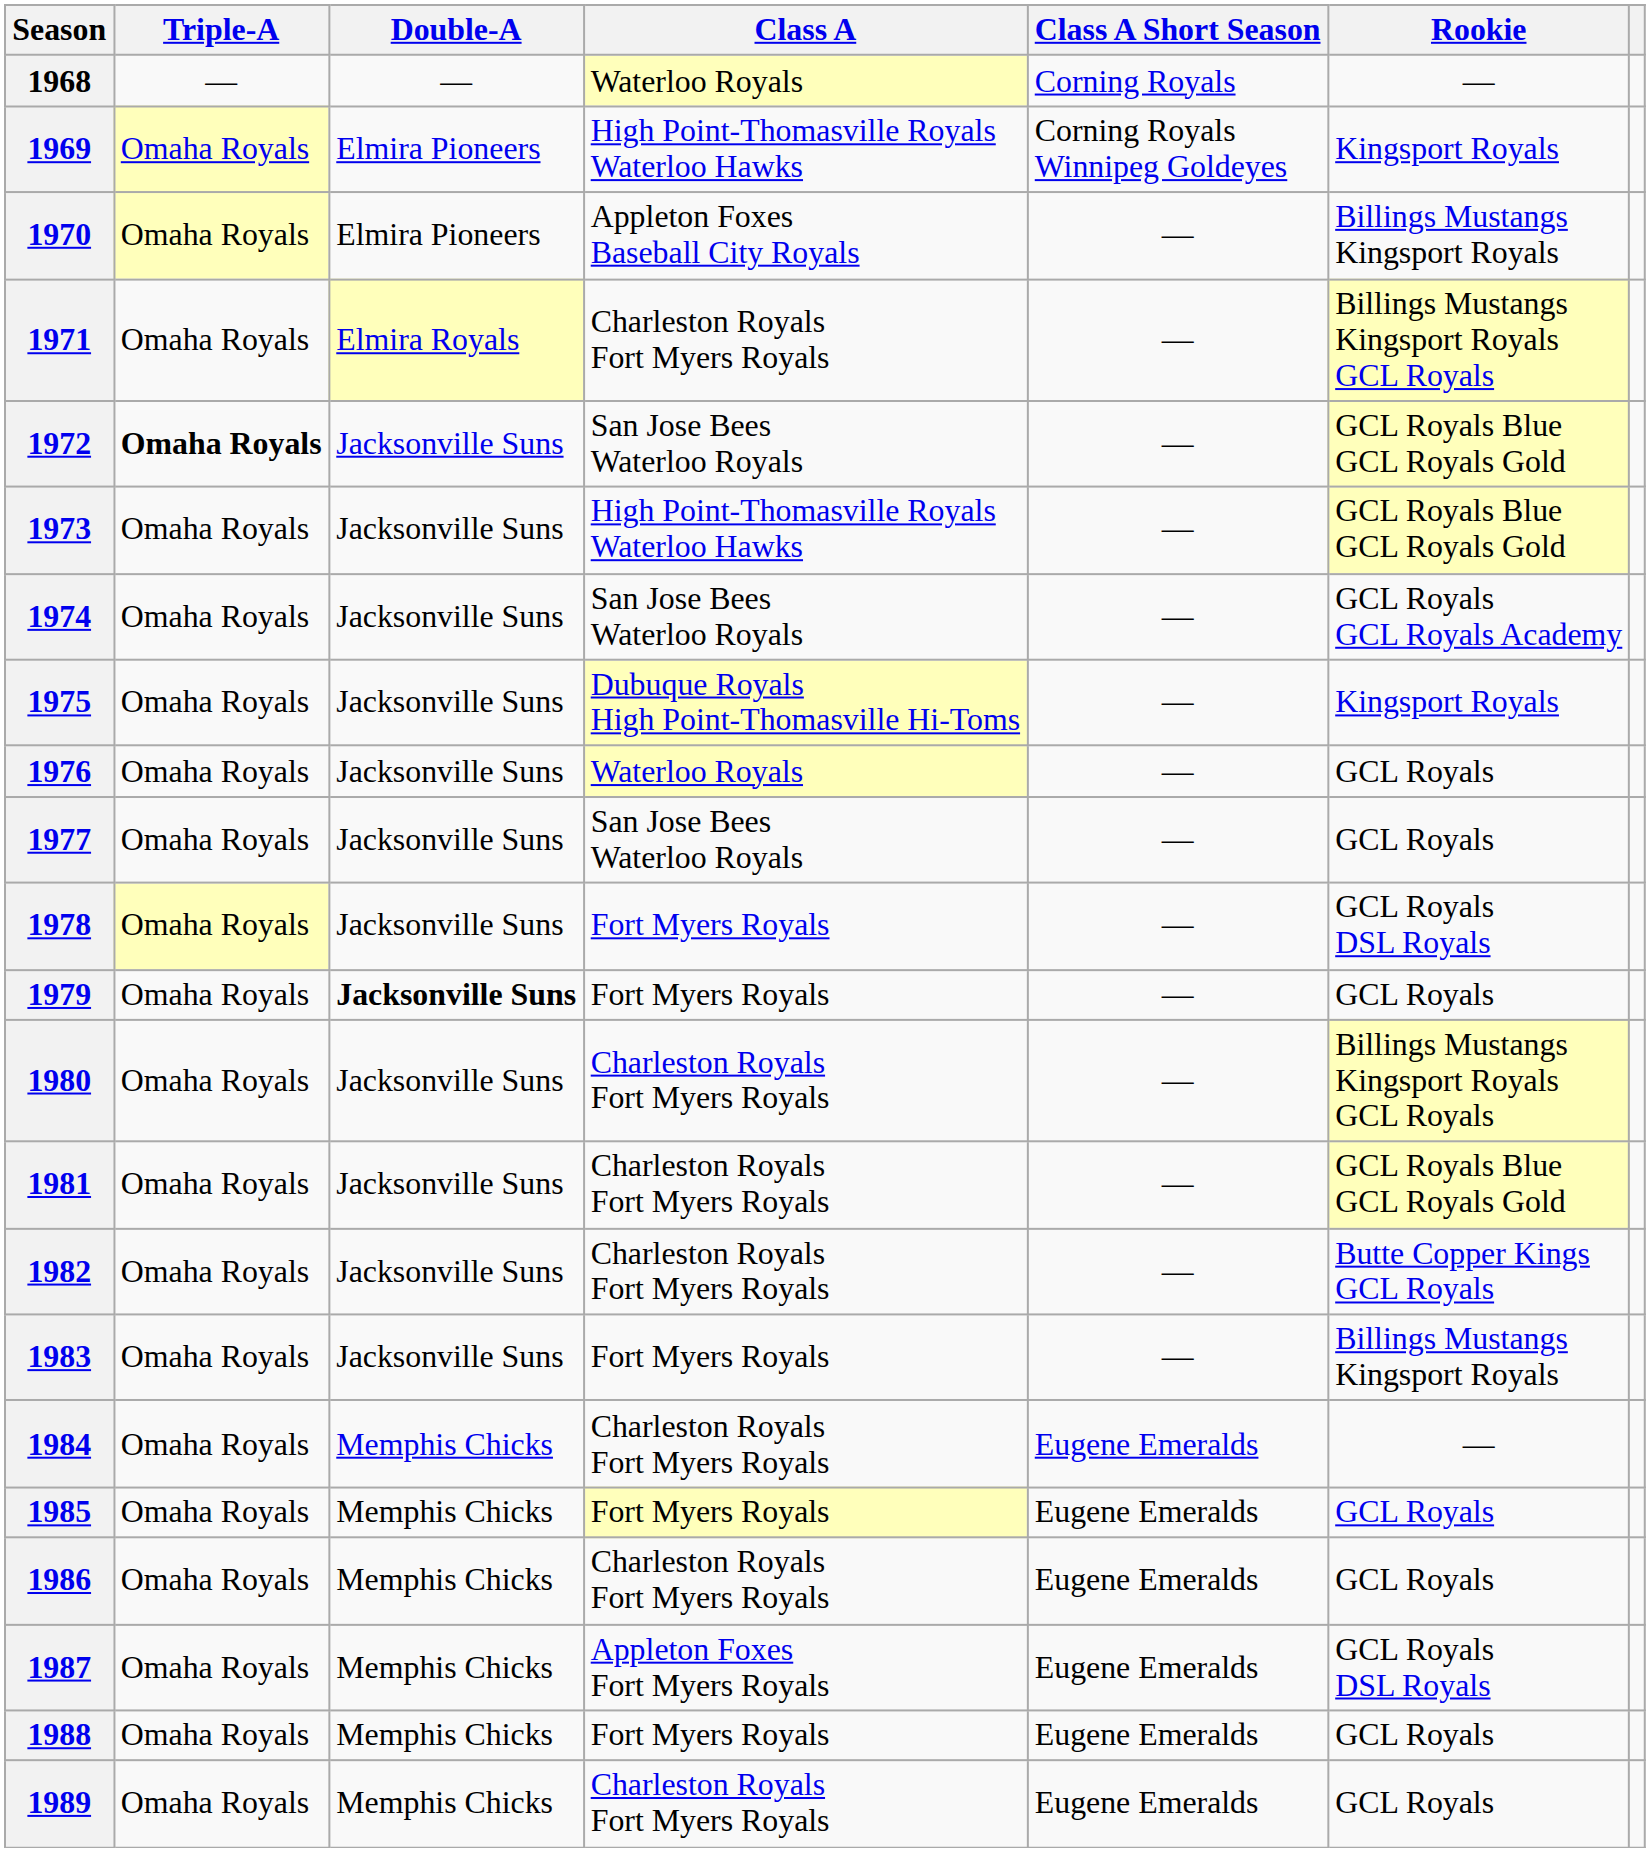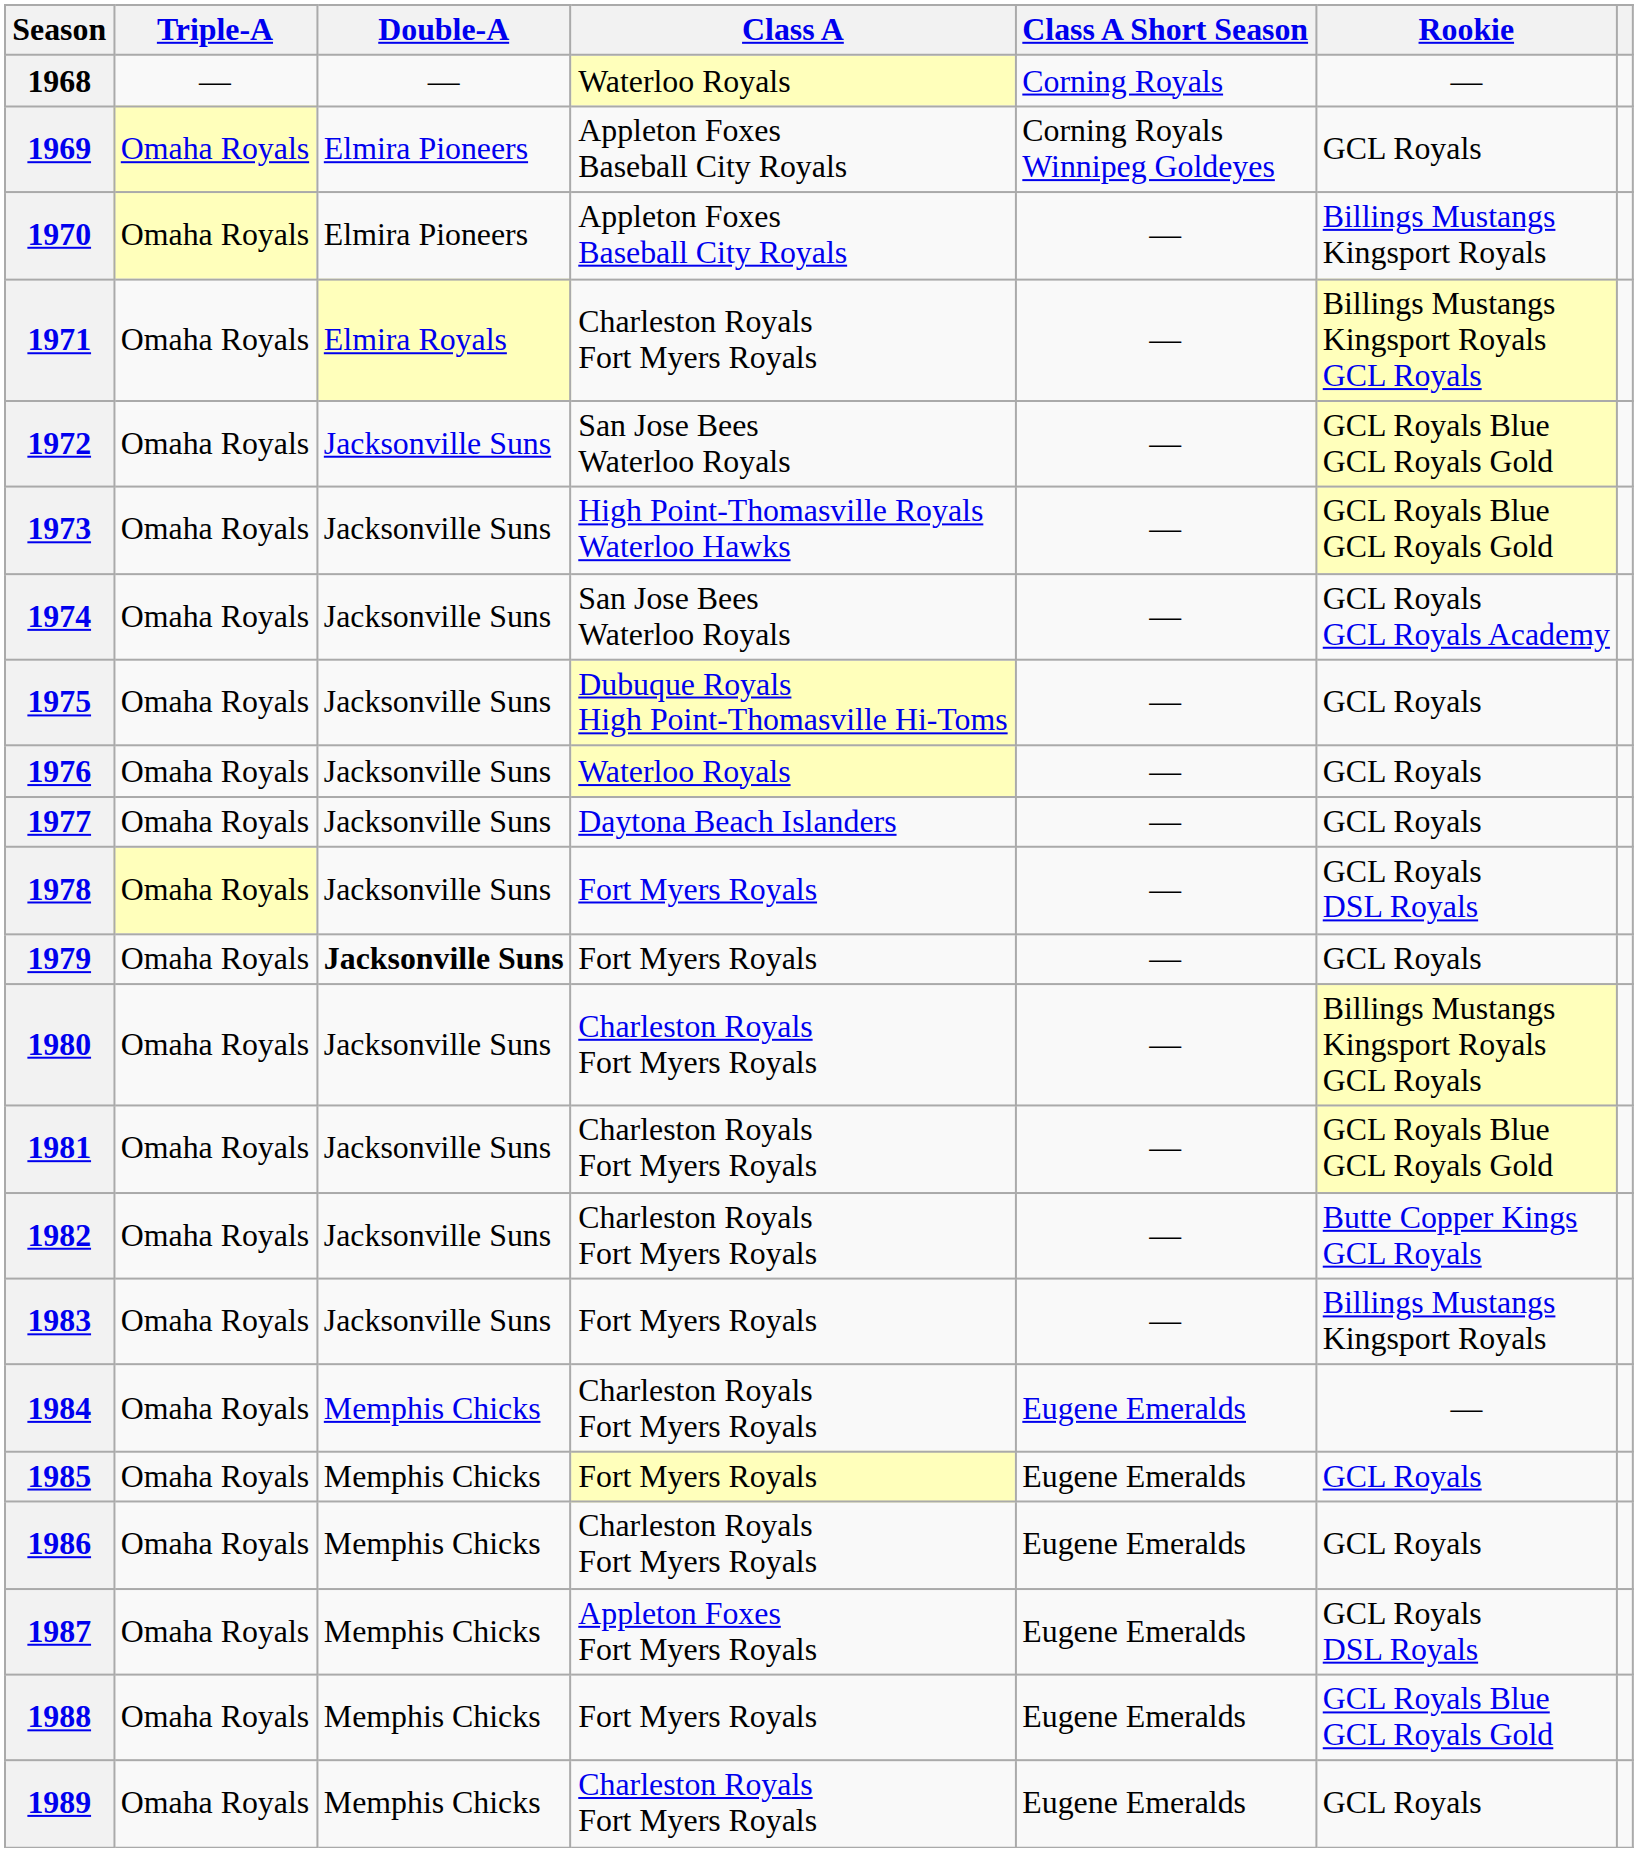 <table class="wikitable plainrowheaders">
 <tr>
 <th scope="col">Season</th>
 <th scope="col"><a href='#'><span>Triple-A</span></a></th>
 <th scope="col"><a href='#'><span>Double-A</span></a></th>
 <th scope="col"><a href='#'><span>Class A</span></a></th>
 <th scope="col"><a href='#'><span>Class A Short Season</span></a></th>
 <th scope="col"><a href='#'><span>Rookie</span></a></th>
 <th scope="col"></th>
 </tr>
 <tr>
 <th scope="row" style="text-align:center">1968</th>
 <td align="center">—</td>
 <td align="center">—</td>
 <td style="background:#FFFFBB">Waterloo Royals</td>
 <td><a href='#'>Corning Royals</a></td>
 <td align="center">—</td>
 <td align="center"></td>
 </tr>
 <tr>
 <th scope="row" style="text-align:center"><a href='#'>1969</a></th>
 <td style="background:#FFFFBB"><a href='#'>Omaha Royals</a></td>
 <td><a href='#'>Elmira Pioneers</a></td>
-<td><a href='#'>High Point-Thomasville Royals</a><br><a href='#'>Waterloo Hawks</a></td>
+<td>Appleton Foxes<br> Baseball City Royals</td>
 <td>Corning Royals<br><a href='#'>Winnipeg Goldeyes</a></td>
-<td><a href='#'>Kingsport Royals</a></td>
+<td>GCL Royals</td>
 <td align="center"></td>
 </tr>
 <tr>
 <th scope="row" style="text-align:center"><a href='#'>1970</a></th>
 <td style="background:#FFFFBB">Omaha Royals</td>
 <td>Elmira Pioneers</td>
 <td>Appleton Foxes<br><a href='#'>Baseball City Royals</a></td>
 <td align="center">—</td>
 <td><a href='#'>Billings Mustangs</a><br>Kingsport Royals</td>
 <td align="center"></td>
 </tr>
 <tr>
 <th scope="row" style="text-align:center"><a href='#'>1971</a></th>
 <td>Omaha Royals</td>
 <td style="background:#FFFFBB"><a href='#'>Elmira Royals</a></td>
 <td>Charleston Royals<br>Fort Myers Royals</td>
 <td align="center">—</td>
 <td style="background:#FFFFBB">Billings Mustangs<br>Kingsport Royals<br><a href='#'>GCL Royals</a></td>
 <td align="center"></td>
 </tr>
 <tr>
 <th scope="row" style="text-align:center"><a href='#'>1972</a></th>
-<td><strong>Omaha Royals</strong></td>
+<td>Omaha Royals</td>
 <td><a href='#'>Jacksonville Suns</a></td>
 <td>San Jose Bees<br> Waterloo Royals</td>
 <td align="center">—</td>
 <td style="background:#FFFFBB">GCL Royals Blue<br>GCL Royals Gold</td>
 <td align="center"></td>
 </tr>
 <tr>
 <th scope="row" style="text-align:center"><a href='#'>1973</a></th>
 <td>Omaha Royals</td>
 <td>Jacksonville Suns</td>
 <td><a href='#'>High Point-Thomasville Royals</a><br><a href='#'>Waterloo Hawks</a></td>
 <td align="center">—</td>
 <td style="background:#FFFFBB">GCL Royals Blue<br>GCL Royals Gold</td>
 <td align="center"></td>
 </tr>
 <tr>
 <th scope="row" style="text-align:center"><a href='#'>1974</a></th>
 <td>Omaha Royals</td>
 <td>Jacksonville Suns</td>
 <td>San Jose Bees<br> Waterloo Royals</td>
 <td align="center">—</td>
 <td>GCL Royals<br> <a href='#'>GCL Royals Academy</a></td>
 <td align="center"></td>
 </tr>
 <tr>
 <th scope="row" style="text-align:center"><a href='#'>1975</a></th>
 <td>Omaha Royals</td>
 <td>Jacksonville Suns</td>
 <td style="background:#FFFFBB"><a href='#'>Dubuque Royals</a><br><a href='#'>High Point-Thomasville Hi-Toms</a></td>
 <td align="center">—</td>
-<td><a href='#'>Kingsport Royals</a></td>
+<td>GCL Royals</td>
 <td align="center"></td>
 </tr>
 <tr>
 <th scope="row" style="text-align:center"><a href='#'>1976</a></th>
 <td>Omaha Royals</td>
 <td>Jacksonville Suns</td>
 <td style="background:#FFFFBB"><a href='#'>Waterloo Royals</a></td>
 <td align="center">—</td>
 <td>GCL Royals</td>
 <td align="center"></td>
 </tr>
 <tr>
 <th scope="row" style="text-align:center"><a href='#'>1977</a></th>
 <td>Omaha Royals</td>
 <td>Jacksonville Suns</td>
-<td>San Jose Bees<br> Waterloo Royals</td>
+<td><a href='#'>Daytona Beach Islanders</a></td>
 <td align="center">—</td>
 <td>GCL Royals</td>
 <td align="center"></td>
 </tr>
 <tr>
 <th scope="row" style="text-align:center"><a href='#'>1978</a></th>
 <td style="background:#FFFFBB">Omaha Royals</td>
 <td>Jacksonville Suns</td>
 <td><a href='#'>Fort Myers Royals</a></td>
 <td align="center">—</td>
 <td>GCL Royals<br><a href='#'>DSL Royals</a></td>
 <td align="center"></td>
 </tr>
 <tr>
 <th scope="row" style="text-align:center"><a href='#'>1979</a></th>
 <td>Omaha Royals</td>
 <td><strong>Jacksonville Suns</strong></td>
 <td>Fort Myers Royals</td>
 <td align="center">—</td>
 <td>GCL Royals</td>
 <td align="center"></td>
 </tr>
 <tr>
 <th scope="row" style="text-align:center"><a href='#'>1980</a></th>
 <td>Omaha Royals</td>
 <td>Jacksonville Suns</td>
 <td><a href='#'>Charleston Royals</a><br> Fort Myers Royals</td>
 <td align="center">—</td>
 <td style="background:#FFFFBB">Billings Mustangs<br> Kingsport Royals<br> GCL Royals</td>
 <td align="center"></td>
 </tr>
 <tr>
 <th scope="row" style="text-align:center"><a href='#'>1981</a></th>
 <td>Omaha Royals</td>
 <td>Jacksonville Suns</td>
 <td>Charleston Royals<br>Fort Myers Royals</td>
 <td align="center">—</td>
 <td style="background:#FFFFBB">GCL Royals Blue<br>GCL Royals Gold</td>
 <td align="center"></td>
 </tr>
 <tr>
 <th scope="row" style="text-align:center"><a href='#'>1982</a></th>
 <td>Omaha Royals</td>
 <td>Jacksonville Suns</td>
 <td>Charleston Royals<br>Fort Myers Royals</td>
 <td align="center">—</td>
 <td><a href='#'>Butte Copper Kings</a><br><a href='#'>GCL Royals</a></td>
 <td align="center"></td>
 </tr>
 <tr>
 <th scope="row" style="text-align:center"><a href='#'>1983</a></th>
 <td>Omaha Royals</td>
 <td>Jacksonville Suns</td>
 <td>Fort Myers Royals</td>
 <td align="center">—</td>
 <td><a href='#'>Billings Mustangs</a><br>Kingsport Royals</td>
 <td align="center"></td>
 </tr>
 <tr>
 <th scope="row" style="text-align:center"><a href='#'>1984</a></th>
 <td>Omaha Royals</td>
 <td><a href='#'>Memphis Chicks</a></td>
 <td>Charleston Royals<br>Fort Myers Royals</td>
 <td><a href='#'>Eugene Emeralds</a></td>
 <td align="center">—</td>
 <td align="center"></td>
 </tr>
 <tr>
 <th scope="row" style="text-align:center"><a href='#'>1985</a></th>
 <td>Omaha Royals</td>
 <td>Memphis Chicks</td>
 <td style="background:#FFFFBB">Fort Myers Royals</td>
 <td>Eugene Emeralds</td>
 <td><a href='#'>GCL Royals</a></td>
 <td align="center"></td>
 </tr>
 <tr>
 <th scope="row" style="text-align:center"><a href='#'>1986</a></th>
 <td>Omaha Royals</td>
 <td>Memphis Chicks</td>
 <td>Charleston Royals<br>Fort Myers Royals</td>
 <td>Eugene Emeralds</td>
 <td>GCL Royals</td>
 <td align="center"></td>
 </tr>
 <tr>
 <th scope="row" style="text-align:center"><a href='#'>1987</a></th>
 <td>Omaha Royals</td>
 <td>Memphis Chicks</td>
 <td><a href='#'>Appleton Foxes</a><br>Fort Myers Royals</td>
 <td>Eugene Emeralds</td>
 <td>GCL Royals<br><a href='#'>DSL Royals</a></td>
 <td align="center"></td>
 </tr>
 <tr>
 <th scope="row" style="text-align:center"><a href='#'>1988</a></th>
 <td>Omaha Royals</td>
 <td>Memphis Chicks</td>
 <td>Fort Myers Royals</td>
 <td>Eugene Emeralds</td>
-<td>GCL Royals</td>
+<td><a href='#'>GCL Royals Blue</a><br><a href='#'>GCL Royals Gold</a></td>
 <td align="center"></td>
 </tr>
 <tr>
 <th scope="row" style="text-align:center"><a href='#'>1989</a></th>
 <td>Omaha Royals</td>
 <td>Memphis Chicks</td>
 <td><a href='#'>Charleston Royals</a><br> Fort Myers Royals</td>
 <td>Eugene Emeralds</td>
 <td>GCL Royals</td>
 <td align="center"></td>
 </tr>
 </table>
